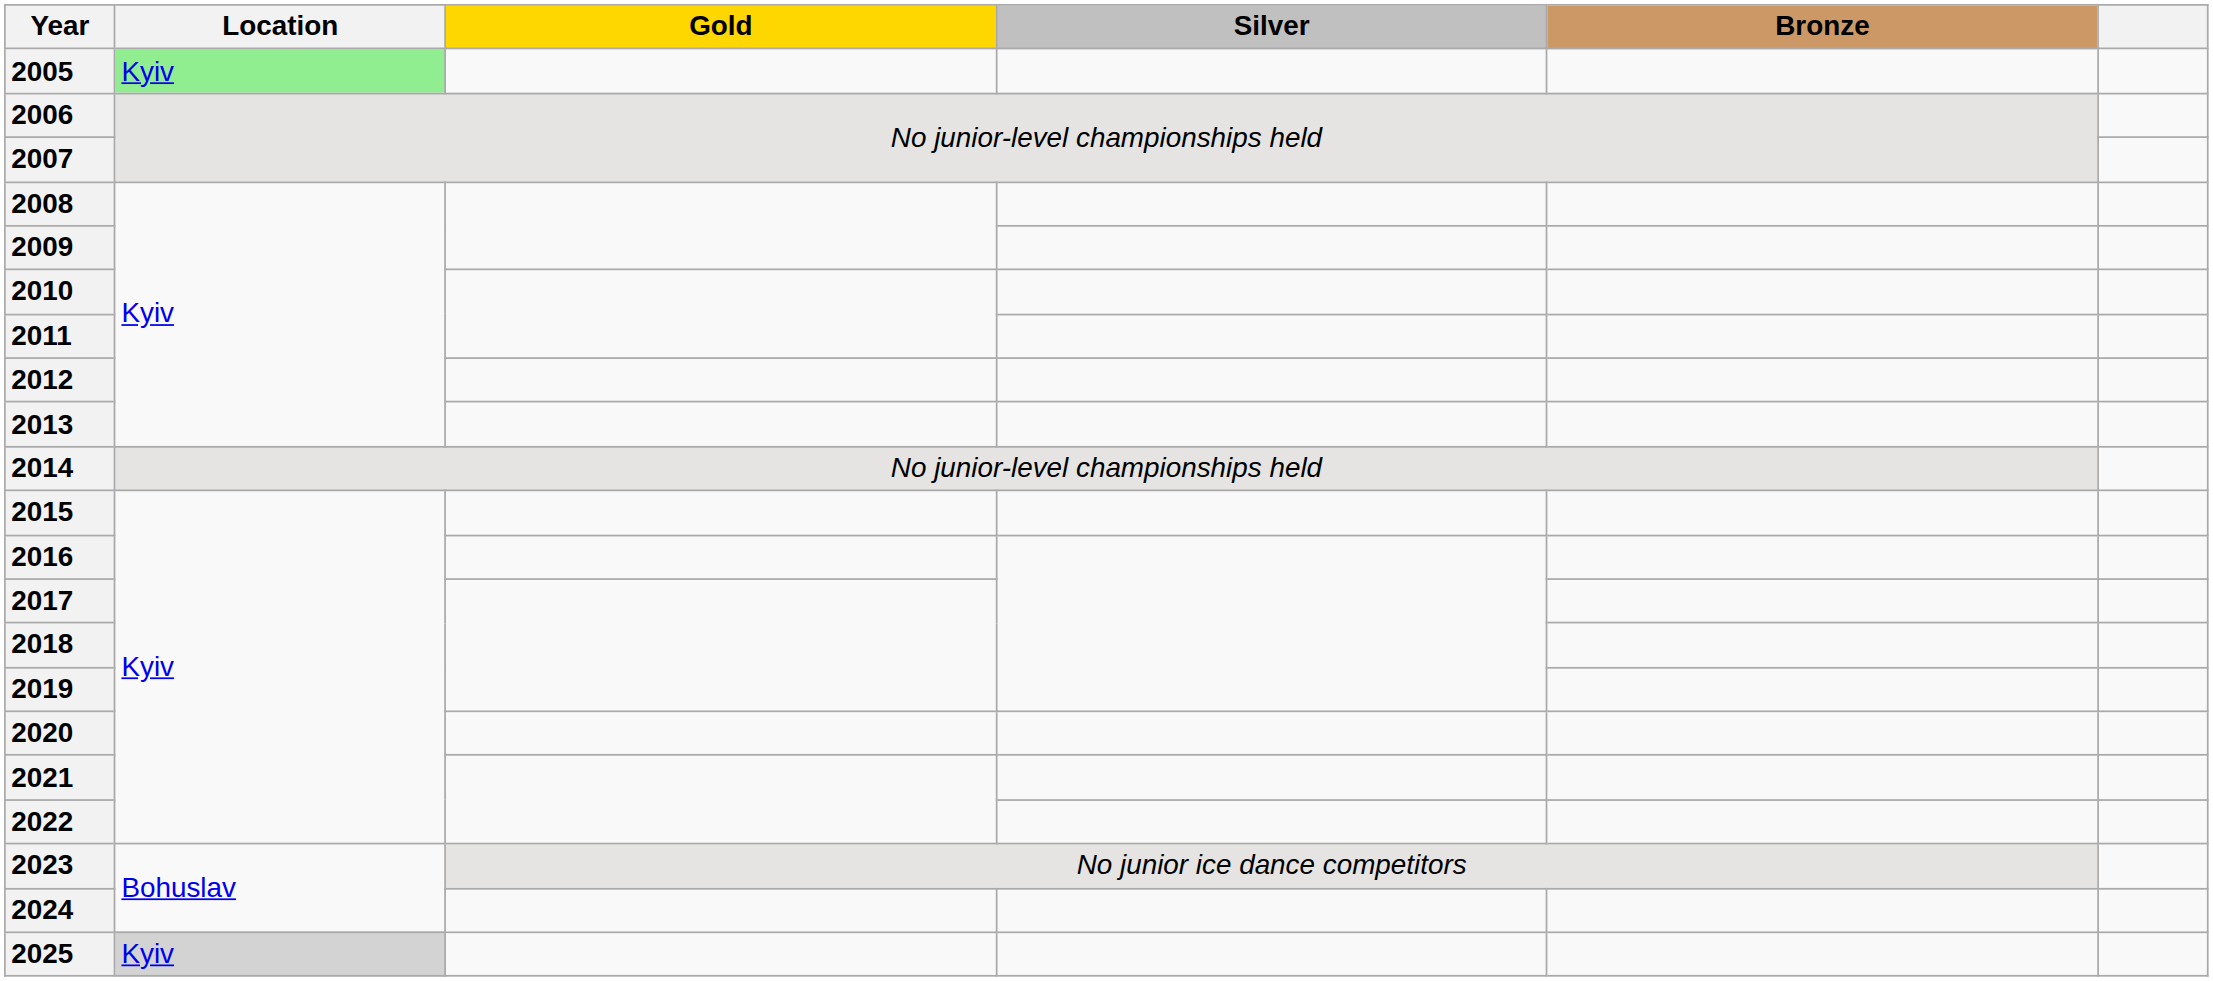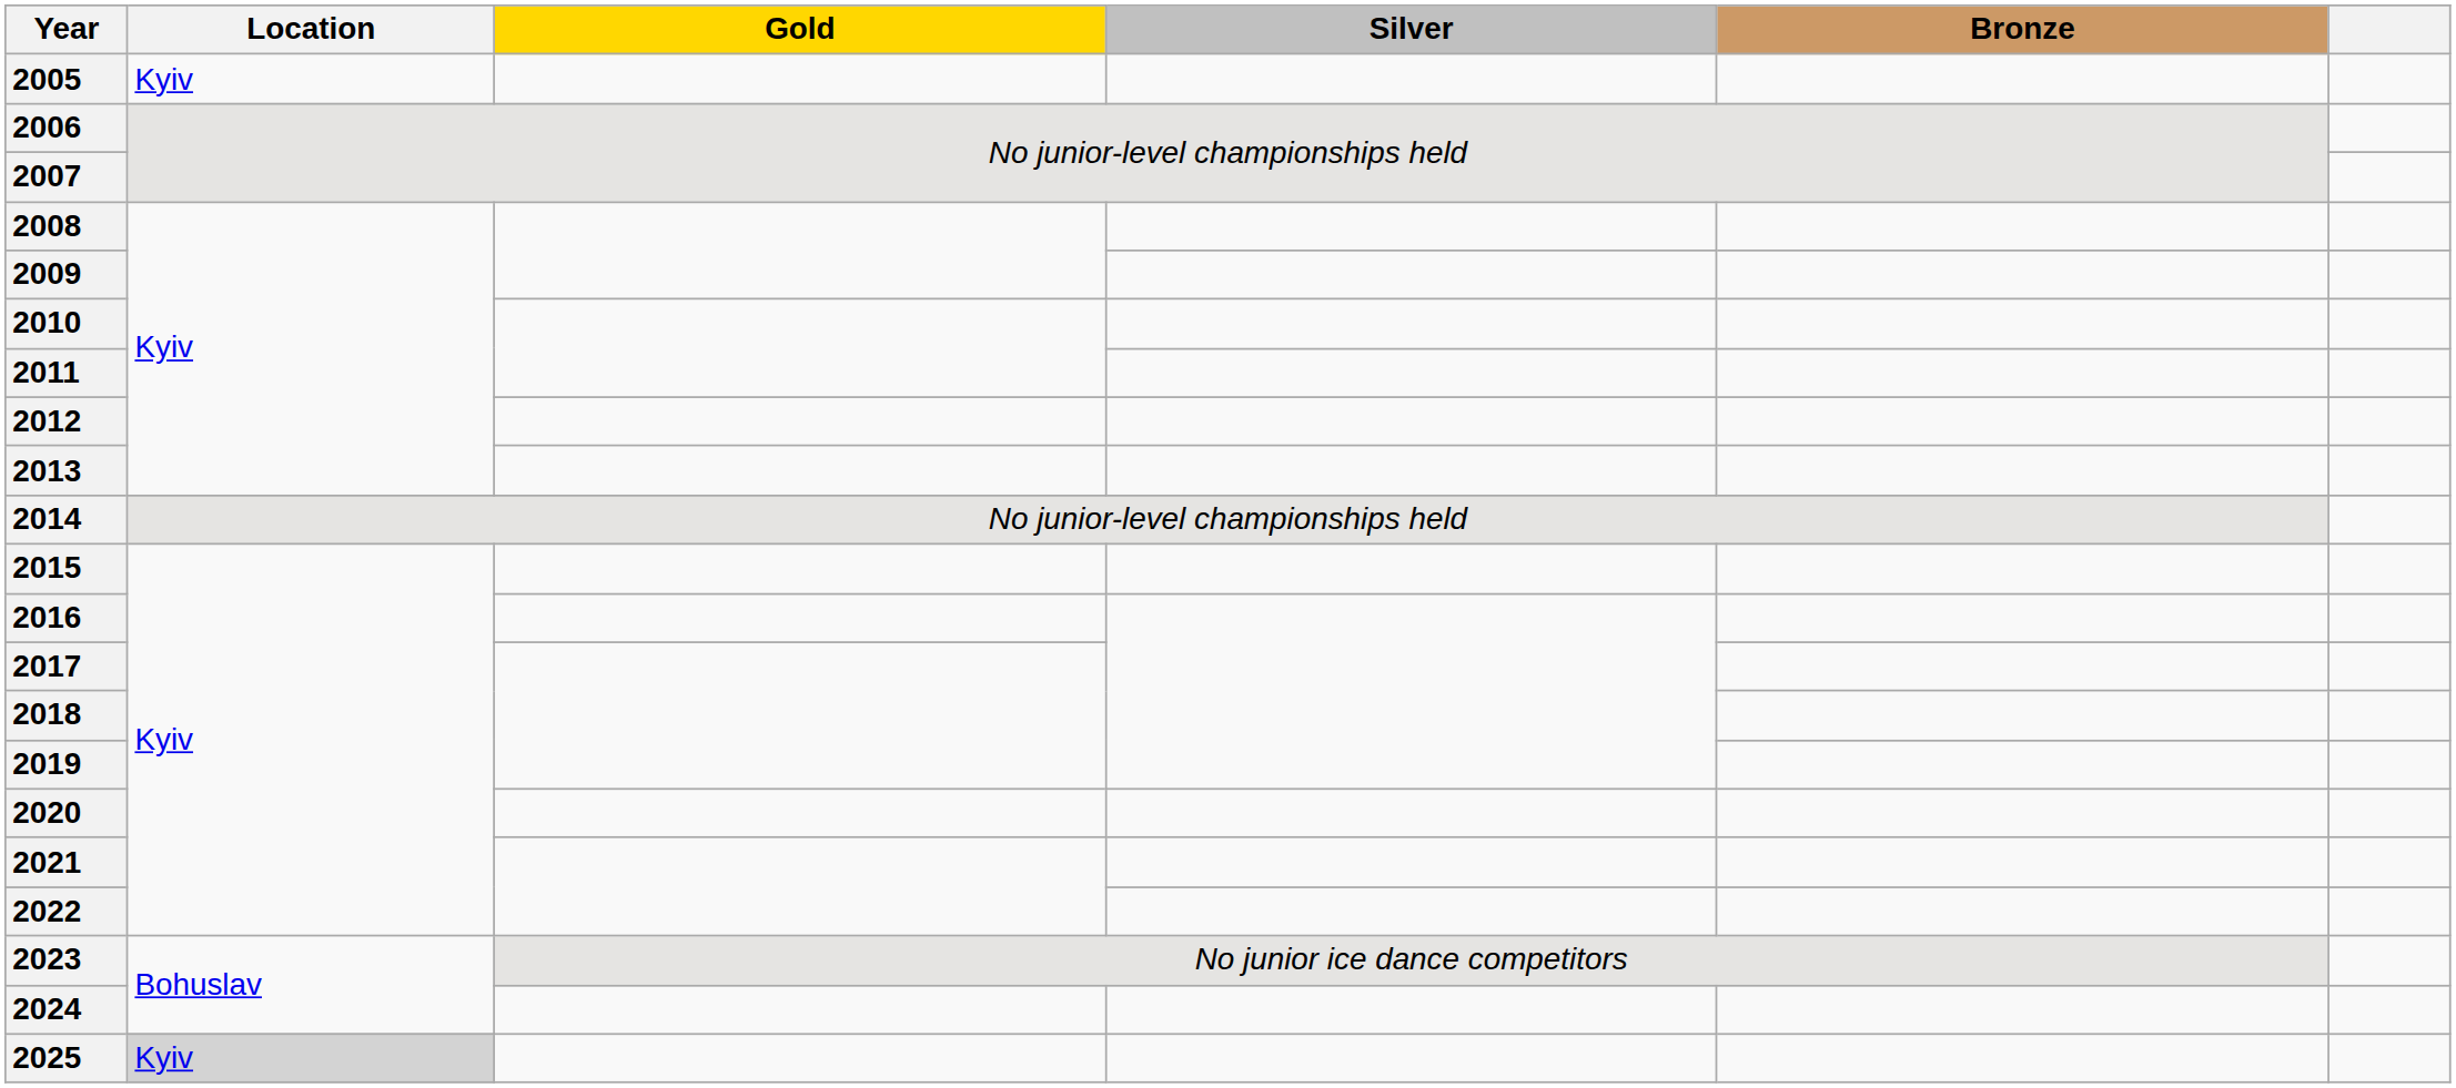 <table class="wikitable unsortable" style="text-align:left; width:80%">
 <tr>
 <th scope="col" style="text-align:center; width:5%">Year</th>
 <th scope="col" style="text-align:center; width:15%">Location</th>
 <th scope="col" style="text-align:center; width:25%; background:gold">Gold</th>
 <th scope="col" style="text-align:center; width:25%; background:silver">Silver</th>
 <th scope="col" style="text-align:center; width:25%; background:#c96">Bronze</th>
 <th scope="col" style="text-align:center; width:5%"></th>
 </tr>
 <tr>
 <th scope="row" style="text-align:left">2005</th>
-<td style="background: lightgreen;"><a href='#'>Kyiv</a></td>
+<td><a href='#'>Kyiv</a></td>
 <td></td>
 <td></td>
 <td></td>
 <td></td>
 </tr>
 <tr>
 <th scope="row" style="text-align:left">2006</th>
 <td colspan="4" rowspan="2" bgcolor="e5e4e2" align="center"><em>No junior-level championships held</em></td>
 <td></td>
 </tr>
 <tr>
 <th scope="row" style="text-align:left">2007</th>
 <td></td>
 </tr>
 <tr>
 <th scope="row" style="text-align:left">2008</th>
 <td rowspan="6"><a href='#'>Kyiv</a></td>
 <td rowspan="2"></td>
 <td></td>
 <td></td>
 <td></td>
 </tr>
 <tr>
 <th scope="row" style="text-align:left">2009</th>
 <td></td>
 <td></td>
 <td></td>
 </tr>
 <tr>
 <th scope="row" style="text-align:left">2010</th>
 <td rowspan="2"></td>
 <td></td>
 <td></td>
 <td></td>
 </tr>
 <tr>
 <th scope="row" style="text-align:left">2011</th>
 <td></td>
 <td></td>
 <td></td>
 </tr>
 <tr>
 <th scope="row" style="text-align:left">2012</th>
 <td></td>
 <td></td>
 <td></td>
 <td></td>
 </tr>
 <tr>
 <th scope="row" style="text-align:left">2013</th>
 <td></td>
 <td></td>
 <td></td>
 <td></td>
 </tr>
 <tr>
 <th scope="row" style="text-align:left">2014</th>
 <td colspan="4" bgcolor="e5e4e2" align="center"><em>No junior-level championships held</em></td>
 <td></td>
 </tr>
 <tr>
 <th scope="row" style="text-align:left">2015</th>
 <td rowspan="8"><a href='#'>Kyiv</a></td>
 <td></td>
 <td></td>
 <td></td>
 <td></td>
 </tr>
 <tr>
 <th scope="row" style="text-align:left">2016</th>
 <td></td>
 <td rowspan="4"></td>
 <td></td>
 <td></td>
 </tr>
 <tr>
 <th scope="row" style="text-align:left">2017</th>
 <td rowspan="3"></td>
 <td></td>
 <td></td>
 </tr>
 <tr>
 <th scope="row" style="text-align:left">2018</th>
 <td></td>
 <td></td>
 </tr>
 <tr>
 <th scope="row" style="text-align:left">2019</th>
 <td></td>
 <td></td>
 </tr>
 <tr>
 <th scope="row" style="text-align:left">2020</th>
 <td></td>
 <td></td>
 <td></td>
 <td></td>
 </tr>
 <tr>
 <th scope="row" style="text-align:left">2021</th>
 <td rowspan="2"></td>
 <td></td>
 <td></td>
 <td></td>
 </tr>
 <tr>
 <th scope="row" style="text-align:left">2022</th>
 <td></td>
 <td></td>
 <td></td>
 </tr>
 <tr>
 <th scope="row" style="text-align:left">2023</th>
 <td rowspan="2"><a href='#'>Bohuslav</a></td>
 <td colspan="3" align="center" bgcolor="e5e4e2"><em>No junior ice dance competitors</em></td>
 <td></td>
 </tr>
 <tr>
 <th scope="row" style="text-align:left">2024</th>
 <td></td>
 <td></td>
 <td></td>
 <td></td>
 </tr>
 <tr>
 <th scope="row" style="text-align:left">2025</th>
 <td style="background: lightgrey;"><a href='#'>Kyiv</a></td>
 <td></td>
 <td></td>
 <td></td>
 <td></td>
 </tr>
 </table>
